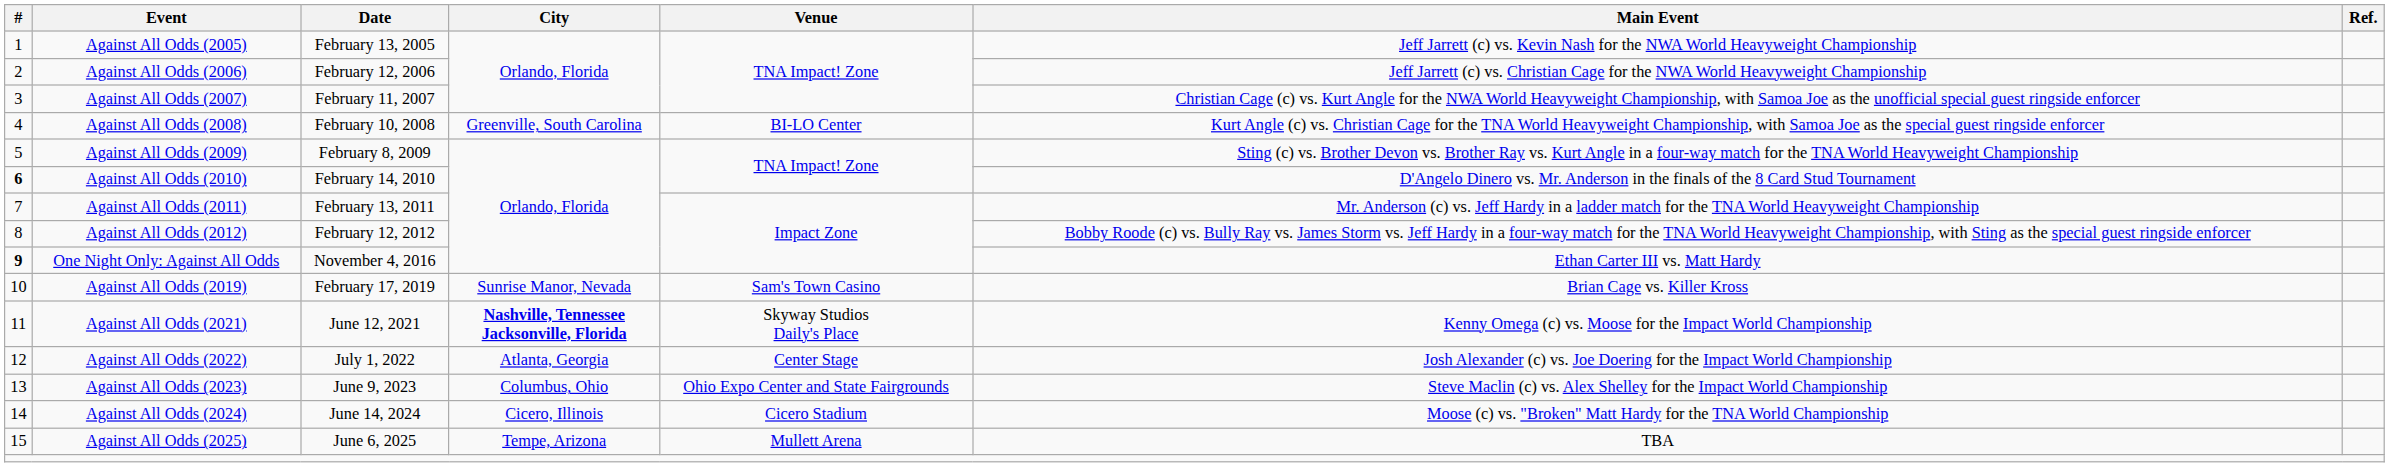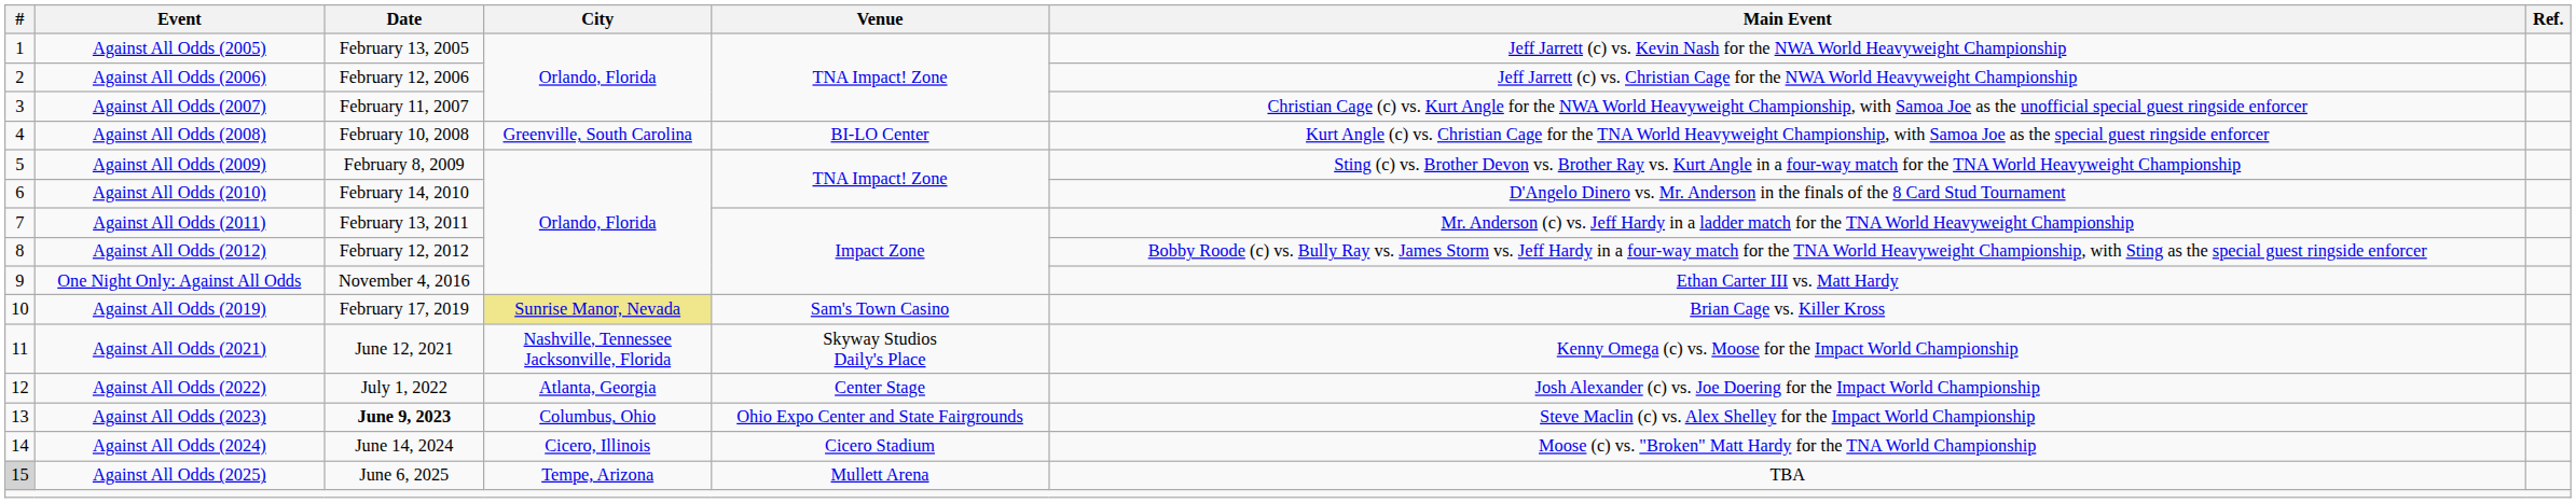 <table class="mw-datatable wikitable sortable succession-box" style="font-size:85%; text-align:center;" width="100%">
 <tr>
 <th>#</th>
 <th>Event</th>
 <th>Date</th>
 <th>City</th>
 <th>Venue</th>
 <th>Main Event</th>
 <th>Ref.</th>
 </tr>
 <tr>
 <td>1</td>
 <td><a href='#'>Against All Odds (2005)</a></td>
 <td>February 13, 2005</td>
 <td rowspan="3"><a href='#'>Orlando, Florida</a></td>
 <td rowspan="3"><a href='#'>TNA Impact! Zone</a></td>
 <td><a href='#'>Jeff Jarrett</a> (c) vs. <a href='#'>Kevin Nash</a> for the <a href='#'>NWA World Heavyweight Championship</a></td>
 <td></td>
 </tr>
 <tr>
 <td>2</td>
 <td><a href='#'>Against All Odds (2006)</a></td>
 <td>February 12, 2006</td>
 <td><a href='#'>Jeff Jarrett</a> (c) vs. <a href='#'>Christian Cage</a> for the <a href='#'>NWA World Heavyweight Championship</a></td>
 <td></td>
 </tr>
 <tr>
 <td>3</td>
 <td><a href='#'>Against All Odds (2007)</a></td>
 <td>February 11, 2007</td>
 <td><a href='#'>Christian Cage</a> (c) vs. <a href='#'>Kurt Angle</a> for the <a href='#'>NWA World Heavyweight Championship</a>, with <a href='#'>Samoa Joe</a> as the <a href='#'>unofficial special guest ringside enforcer</a></td>
 <td></td>
 </tr>
 <tr>
 <td>4</td>
 <td><a href='#'>Against All Odds (2008)</a></td>
 <td>February 10, 2008</td>
 <td><a href='#'>Greenville, South Carolina</a></td>
 <td><a href='#'>BI-LO Center</a></td>
 <td><a href='#'>Kurt Angle</a> (c) vs. <a href='#'>Christian Cage</a> for the <a href='#'>TNA World Heavyweight Championship</a>, with <a href='#'>Samoa Joe</a> as the <a href='#'>special guest ringside enforcer</a></td>
 <td></td>
 </tr>
 <tr>
 <td>5</td>
 <td><a href='#'>Against All Odds (2009)</a></td>
 <td>February 8, 2009</td>
 <td rowspan="5"><a href='#'>Orlando, Florida</a></td>
 <td rowspan="2"><a href='#'>TNA Impact! Zone</a></td>
 <td><a href='#'>Sting</a> (c) vs. <a href='#'>Brother Devon</a> vs. <a href='#'>Brother Ray</a> vs. <a href='#'>Kurt Angle</a> in a <a href='#'>four-way match</a> for the <a href='#'>TNA World Heavyweight Championship</a></td>
 <td></td>
 </tr>
 <tr>
-<td><strong>6</strong></td>
+<td>6</td>
 <td><a href='#'>Against All Odds (2010)</a></td>
 <td>February 14, 2010</td>
 <td><a href='#'>D'Angelo Dinero</a> vs. <a href='#'>Mr. Anderson</a> in the finals of the <a href='#'>8 Card Stud Tournament</a></td>
 <td></td>
 </tr>
 <tr>
 <td>7</td>
 <td><a href='#'>Against All Odds (2011)</a></td>
 <td>February 13, 2011</td>
 <td rowspan="3"><a href='#'>Impact Zone</a></td>
 <td><a href='#'>Mr. Anderson</a> (c) vs. <a href='#'>Jeff Hardy</a> in a <a href='#'>ladder match</a> for the <a href='#'>TNA World Heavyweight Championship</a></td>
 <td></td>
 </tr>
 <tr>
 <td>8</td>
 <td><a href='#'>Against All Odds (2012)</a></td>
 <td>February 12, 2012</td>
 <td><a href='#'>Bobby Roode</a> (c) vs. <a href='#'>Bully Ray</a> vs. <a href='#'>James Storm</a> vs. <a href='#'>Jeff Hardy</a> in a <a href='#'>four-way match</a> for the <a href='#'>TNA World Heavyweight Championship</a>, with <a href='#'>Sting</a> as the <a href='#'>special guest ringside enforcer</a></td>
 <td></td>
 </tr>
 <tr>
-<td><strong>9</strong></td>
+<td>9</td>
 <td><a href='#'>One Night Only: Against All Odds</a></td>
 <td>November 4, 2016</td>
 <td><a href='#'>Ethan Carter III</a> vs. <a href='#'>Matt Hardy</a></td>
 <td></td>
 </tr>
 <tr>
 <td>10</td>
 <td><a href='#'>Against All Odds (2019)</a></td>
 <td>February 17, 2019</td>
-<td><a href='#'>Sunrise Manor, Nevada</a></td>
+<td style="background: khaki;"><a href='#'>Sunrise Manor, Nevada</a></td>
 <td><a href='#'>Sam's Town Casino</a></td>
 <td><a href='#'>Brian Cage</a> vs. <a href='#'>Killer Kross</a></td>
 <td></td>
 </tr>
 <tr>
 <td>11</td>
 <td><a href='#'>Against All Odds (2021)</a></td>
 <td>June 12, 2021</td>
-<td><strong><a href='#'>Nashville, Tennessee</a><br><a href='#'>Jacksonville, Florida</a></strong></td>
+<td><a href='#'>Nashville, Tennessee</a><br><a href='#'>Jacksonville, Florida</a></td>
 <td>Skyway Studios<br><a href='#'>Daily's Place</a></td>
 <td><a href='#'>Kenny Omega</a> (c) vs. <a href='#'>Moose</a> for the <a href='#'>Impact World Championship</a></td>
 <td></td>
 </tr>
 <tr>
 <td>12</td>
 <td><a href='#'>Against All Odds (2022)</a></td>
 <td>July 1, 2022</td>
 <td><a href='#'>Atlanta, Georgia</a></td>
 <td><a href='#'>Center Stage</a></td>
 <td><a href='#'>Josh Alexander</a> (c) vs. <a href='#'>Joe Doering</a> for the <a href='#'>Impact World Championship</a></td>
 <td></td>
 </tr>
 <tr>
 <td>13</td>
 <td><a href='#'>Against All Odds (2023)</a></td>
-<td>June 9, 2023</td>
+<td><strong>June 9, 2023</strong></td>
 <td><a href='#'>Columbus, Ohio</a></td>
 <td><a href='#'>Ohio Expo Center and State Fairgrounds</a></td>
 <td><a href='#'>Steve Maclin</a> (c) vs. <a href='#'>Alex Shelley</a> for the <a href='#'>Impact World Championship</a></td>
 <td></td>
 </tr>
 <tr>
 <td>14</td>
 <td><a href='#'>Against All Odds (2024)</a></td>
 <td>June 14, 2024</td>
 <td><a href='#'>Cicero, Illinois</a></td>
 <td><a href='#'>Cicero Stadium</a></td>
 <td><a href='#'>Moose</a> (c) vs. <a href='#'>"Broken" Matt Hardy</a> for the <a href='#'>TNA World Championship</a></td>
 <td></td>
 </tr>
 <tr>
-<td>15</td>
+<td style="background: lightgrey;">15</td>
 <td><a href='#'>Against All Odds (2025)</a></td>
 <td>June 6, 2025</td>
 <td><a href='#'>Tempe, Arizona</a></td>
 <td><a href='#'>Mullett Arena</a></td>
 <td>TBA</td>
 <td></td>
 </tr>
 <tr>
 <td colspan="11"></td>
 </tr>
 </table>
